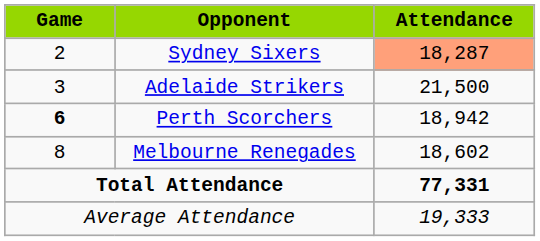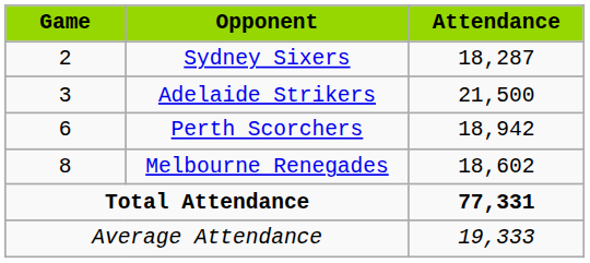 <table class="wikitable sortable" style="text-align:center; font-size:90%">
 <tr>
 <th style="width:60px; background:#96D701; text-align:center;">Game</th>
 <th style="width:150px; background:#96D701; text-align:center;" class="unsortable">Opponent</th>
 <th style="width:90px; background:#96D701; text-align:center;">Attendance</th>
 </tr>
 <tr>
 <td>2</td>
 <td><a href='#'>Sydney Sixers</a></td>
-<td style="background: lightsalmon;">18,287</td>
+<td>18,287</td>
 </tr>
 <tr>
 <td>3</td>
 <td><a href='#'>Adelaide Strikers</a></td>
 <td>21,500</td>
 </tr>
 <tr>
-<td><strong>6</strong></td>
+<td>6</td>
 <td><a href='#'>Perth Scorchers</a></td>
 <td>18,942</td>
 </tr>
 <tr>
 <td>8</td>
 <td><a href='#'>Melbourne Renegades</a></td>
 <td>18,602</td>
 </tr>
 <tr class="sortbottom">
 <td colspan="2"><strong>Total Attendance</strong></td>
 <td><strong>77,331</strong></td>
 </tr>
 <tr class="sortbottom">
 <td colspan="2"><em>Average Attendance</em></td>
 <td><em>19,333</em></td>
 </tr>
 </table>
